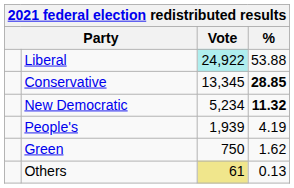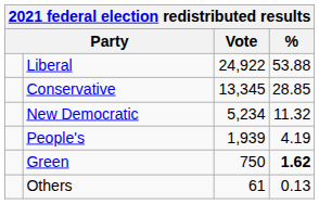 <table class="wikitable">
 <tr>
 <th colspan="4"><a href='#'>2021 federal election</a> redistributed results</th>
 </tr>
 <tr>
 <th bgcolor="#DDDDFF" width="130px" colspan="2">Party</th>
 <th bgcolor="#DDDDFF" width="50px">Vote</th>
 <th bgcolor="#DDDDFF" width="30px">%</th>
 </tr>
 <tr>
 <td> </td>
 <td><a href='#'>Liberal</a></td>
-<td align=right style="background: paleturquoise;">24,922</td>
+<td align=right>24,922</td>
 <td align=right>53.88</td>
 </tr>
 <tr>
 <td> </td>
 <td><a href='#'>Conservative</a></td>
 <td align=right>13,345</td>
-<td align=right><strong>28.85</strong></td>
+<td align=right>28.85</td>
 </tr>
 <tr>
 <td> </td>
 <td><a href='#'>New Democratic</a></td>
 <td align=right>5,234</td>
-<td align=right><strong>11.32</strong></td>
+<td align=right>11.32</td>
 </tr>
 <tr>
 <td> </td>
 <td><a href='#'>People's</a></td>
 <td align=right>1,939</td>
 <td align=right>4.19</td>
 </tr>
 <tr>
 <td> </td>
 <td><a href='#'>Green</a></td>
 <td align=right>750</td>
-<td align=right>1.62</td>
+<td align=right><strong>1.62</strong></td>
 </tr>
 <tr>
 <td> </td>
 <td>Others</td>
-<td align=right style="background: khaki;">61</td>
+<td align=right>61</td>
 <td align=right>0.13</td>
 </tr>
 </table>
